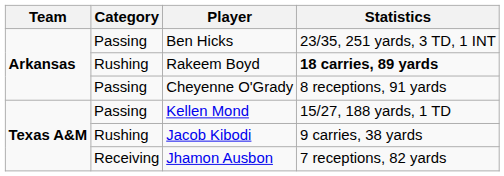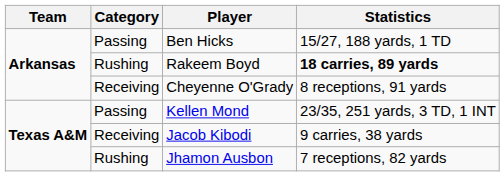 <table class="wikitable" style="float: right;">
 <tr>
 <th>Team</th>
 <th>Category</th>
 <th>Player</th>
 <th>Statistics</th>
 </tr>
 <tr>
 <td rowspan=3><strong>Arkansas</strong></td>
 <td>Passing</td>
 <td>Ben Hicks</td>
-<td>23/35, 251 yards, 3 TD, 1 INT</td>
+<td>15/27, 188 yards, 1 TD</td>
 </tr>
 <tr>
 <td>Rushing</td>
 <td>Rakeem Boyd</td>
 <td><strong>18 carries, 89 yards</strong></td>
 </tr>
 <tr>
-<td>Passing</td>
+<td>Receiving</td>
 <td>Cheyenne O'Grady</td>
 <td>8 receptions, 91 yards</td>
 </tr>
 <tr>
 <td rowspan=3><strong>Texas A&M</strong></td>
 <td>Passing</td>
 <td><a href='#'>Kellen Mond</a></td>
-<td>15/27, 188 yards, 1 TD</td>
+<td>23/35, 251 yards, 3 TD, 1 INT</td>
 </tr>
 <tr>
-<td>Rushing</td>
+<td>Receiving</td>
 <td><a href='#'>Jacob Kibodi</a></td>
 <td>9 carries, 38 yards</td>
 </tr>
 <tr>
-<td>Receiving</td>
+<td>Rushing</td>
 <td><a href='#'>Jhamon Ausbon</a></td>
 <td>7 receptions, 82 yards</td>
 </tr>
 </table>
